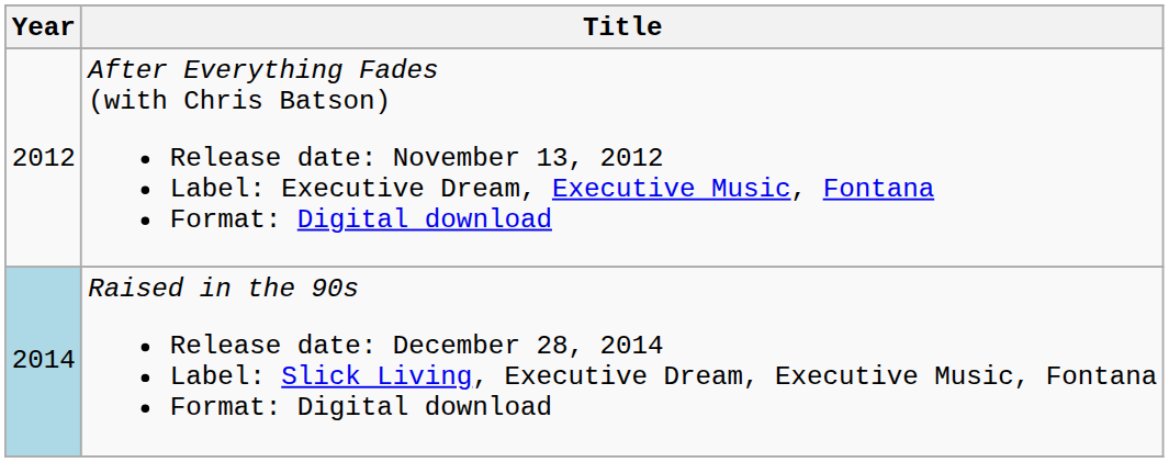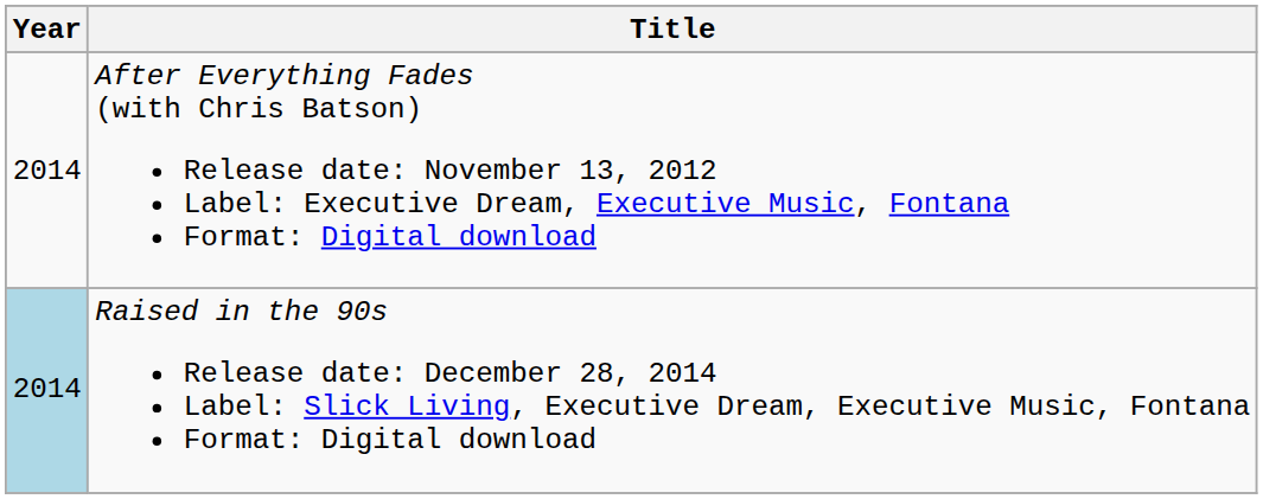 <table class="wikitable">
 <tr>
 <th align=center>Year</th>
 <th align=center>Title</th>
 </tr>
 <tr>
-<td>2012</td>
+<td>2014</td>
 <td><em>After Everything Fades</em><br><span>(with Chris Batson)</span><br><ul><li>Release date: November 13, 2012</li><li>Label: Executive Dream, <a href='#'>Executive Music</a>, <a href='#'>Fontana</a></li><li>Format: <a href='#'>Digital download</a></li></ul></td>
 </tr>
 <tr>
 <td style="background: lightblue;">2014</td>
 <td><em>Raised in the 90s</em><br><ul><li>Release date: December 28, 2014</li><li>Label: <a href='#'>Slick Living</a>, Executive Dream, Executive Music, Fontana</li><li>Format: Digital download</li></ul></td>
 </tr>
 </table>
